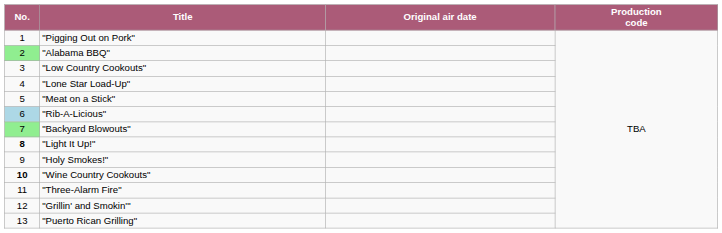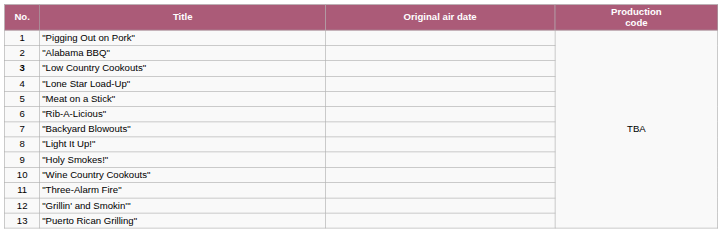 <table class="wikitable plainrowheaders" style="width:60%;">
 <tr>
 <th style="background-color: #ab5b78; color: #FFFFFF;" width=5%>No.</th>
 <th style="background-color: #ab5b78; color: #FFFFFF;" width=40%>Title</th>
 <th style="background-color: #ab5b78; color: #FFFFFF;">Original air date</th>
 <th style="background-color: #ab5b78; color: #FFFFFF;">Production<br>code</th>
 </tr>
 <tr>
 <td align=center>1</td>
 <td>"Pigging Out on Pork"</td>
 <td align=center></td>
 <td align=center rowspan=13>TBA</td>
 </tr>
 <tr>
-<td align=center style="background: lightgreen;">2</td>
+<td align=center>2</td>
 <td>"Alabama BBQ"</td>
 <td align=center></td>
 </tr>
 <tr>
-<td align=center>3</td>
+<td align=center><strong>3</strong></td>
 <td>"Low Country Cookouts"</td>
 <td align=center></td>
 </tr>
 <tr>
 <td align=center>4</td>
 <td>"Lone Star Load-Up"</td>
 <td align=center></td>
 </tr>
 <tr>
 <td align=center>5</td>
 <td>"Meat on a Stick"</td>
 <td align=center></td>
 </tr>
 <tr>
-<td align=center style="background: lightblue;">6</td>
+<td align=center>6</td>
 <td>"Rib-A-Licious"</td>
 <td align=center></td>
 </tr>
 <tr>
-<td align=center style="background: lightgreen;">7</td>
+<td align=center>7</td>
 <td>"Backyard Blowouts"</td>
 <td align=center></td>
 </tr>
 <tr>
-<td align=center><strong>8</strong></td>
+<td align=center>8</td>
 <td>"Light It Up!"</td>
 <td align=center></td>
 </tr>
 <tr>
 <td align=center>9</td>
 <td>"Holy Smokes!"</td>
 <td align=center></td>
 </tr>
 <tr>
-<td align=center><strong>10</strong></td>
+<td align=center>10</td>
 <td>"Wine Country Cookouts"</td>
 <td align=center></td>
 </tr>
 <tr>
 <td align=center>11</td>
 <td>"Three-Alarm Fire"</td>
 <td align=center></td>
 </tr>
 <tr>
 <td align=center>12</td>
 <td>"Grillin' and Smokin'"</td>
 <td align=center></td>
 </tr>
 <tr>
 <td align=center>13</td>
 <td>"Puerto Rican Grilling"</td>
 <td align=center></td>
 </tr>
 </table>
